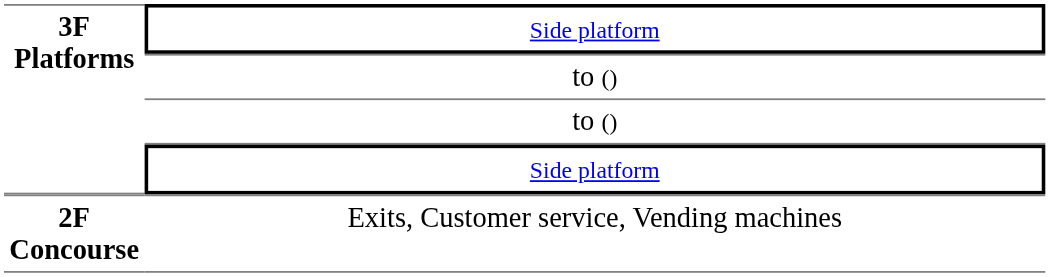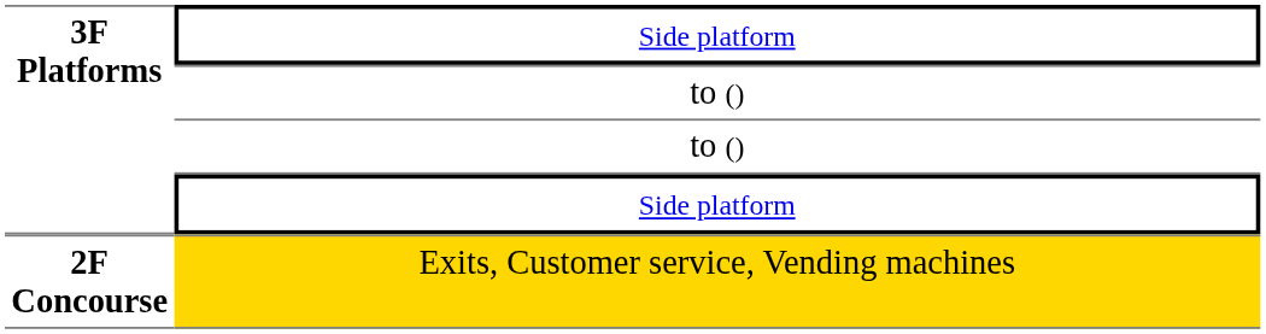 <table table border=0 cellspacing=0 cellpadding=3>
 <tr>
 <td style="border-bottom:solid 1px gray; border-top:solid 1px gray;text-align:center" rowspan="4" valign=top><strong>3F<br>Platforms</strong></td>
 <td style="border-right:solid 2px black;border-left:solid 2px black;border-top:solid 2px black;border-bottom:solid 2px black;text-align:center;" colspan=2><small><a href='#'>Side platform</a></small></td>
 </tr>
 <tr>
 <td style="border-bottom:solid 1px gray; border-top:solid 1px gray;text-align:center;">  to  <small>()</small></td>
 </tr>
 <tr>
 <td style="border-bottom:solid 1px gray;text-align:center;"> to  <small>()</small> </td>
 </tr>
 <tr>
 <td style="border-right:solid 2px black;border-left:solid 2px black;border-top:solid 2px black;border-bottom:solid 2px black;text-align:center;" colspan=2><small><a href='#'>Side platform</a></small></td>
 </tr>
 <tr>
 <td style="border-bottom:solid 1px gray; border-top:solid 1px gray;text-align:center" valign=top><strong>2F<br>Concourse</strong></td>
-<td style="border-bottom:solid 1px gray; border-top:solid 1px gray;text-align:center;" valign=top width=500>Exits, Customer service, Vending machines</td>
+<td style="background: gold; border-bottom:solid 1px gray; border-top:solid 1px gray;text-align:center;" valign=top width=500>Exits, Customer service, Vending machines</td>
 </tr>
 </table>
